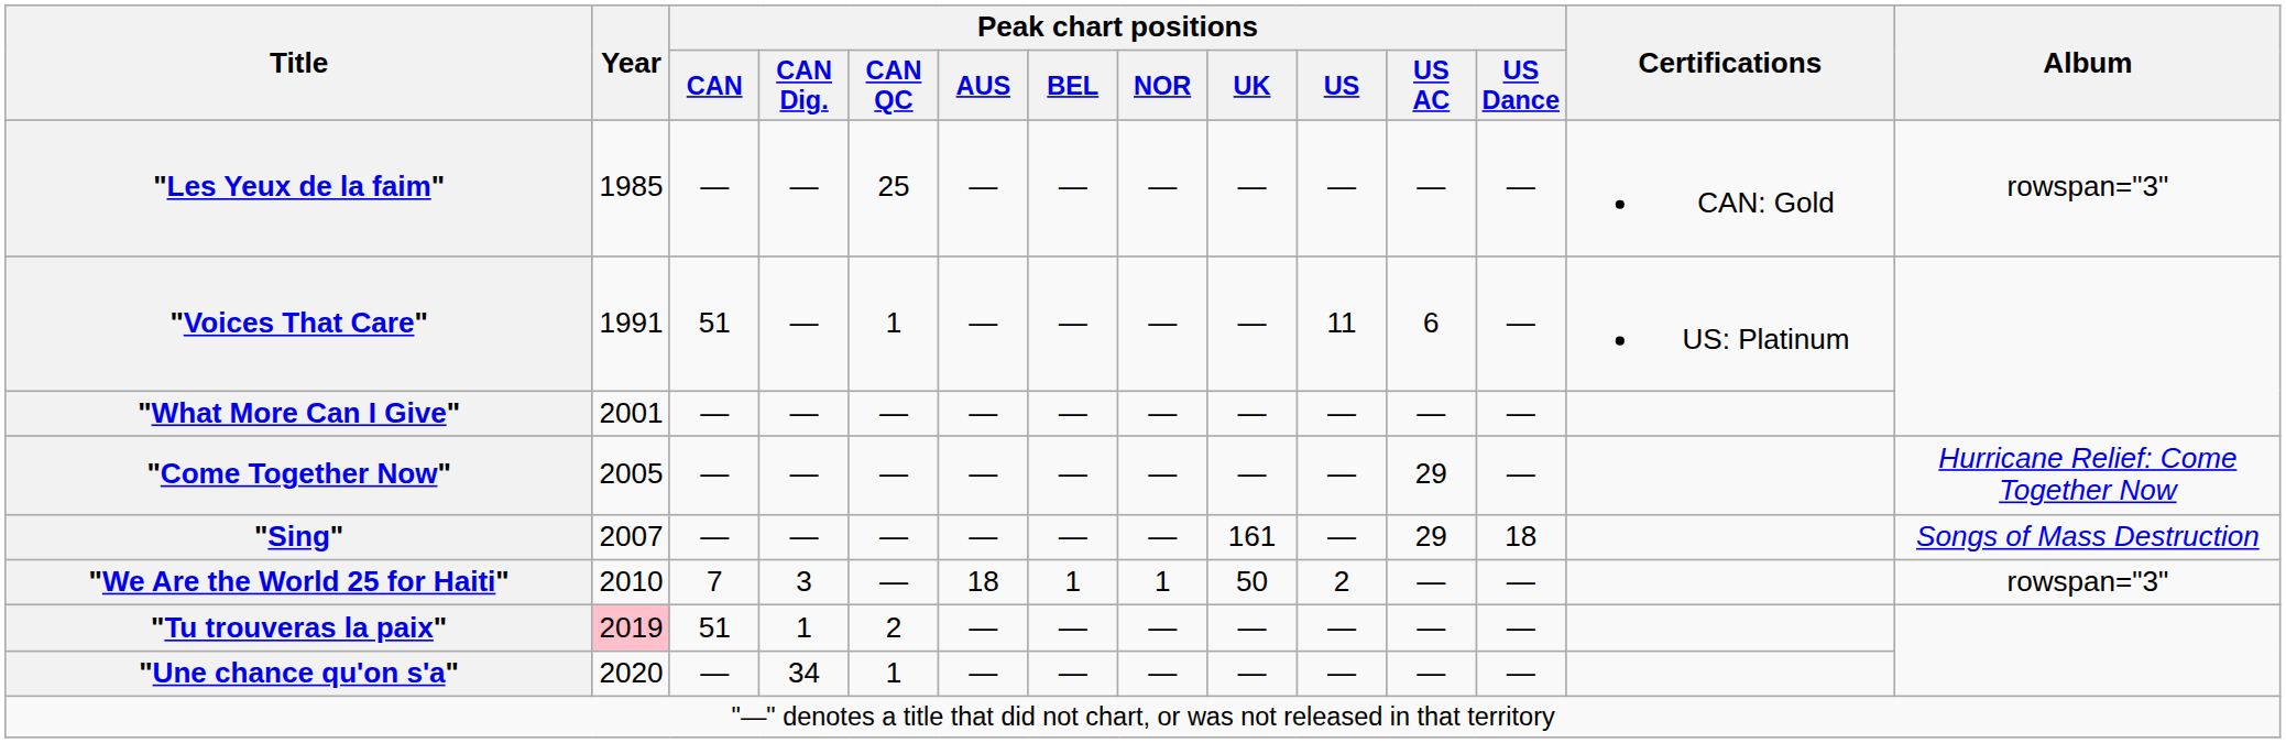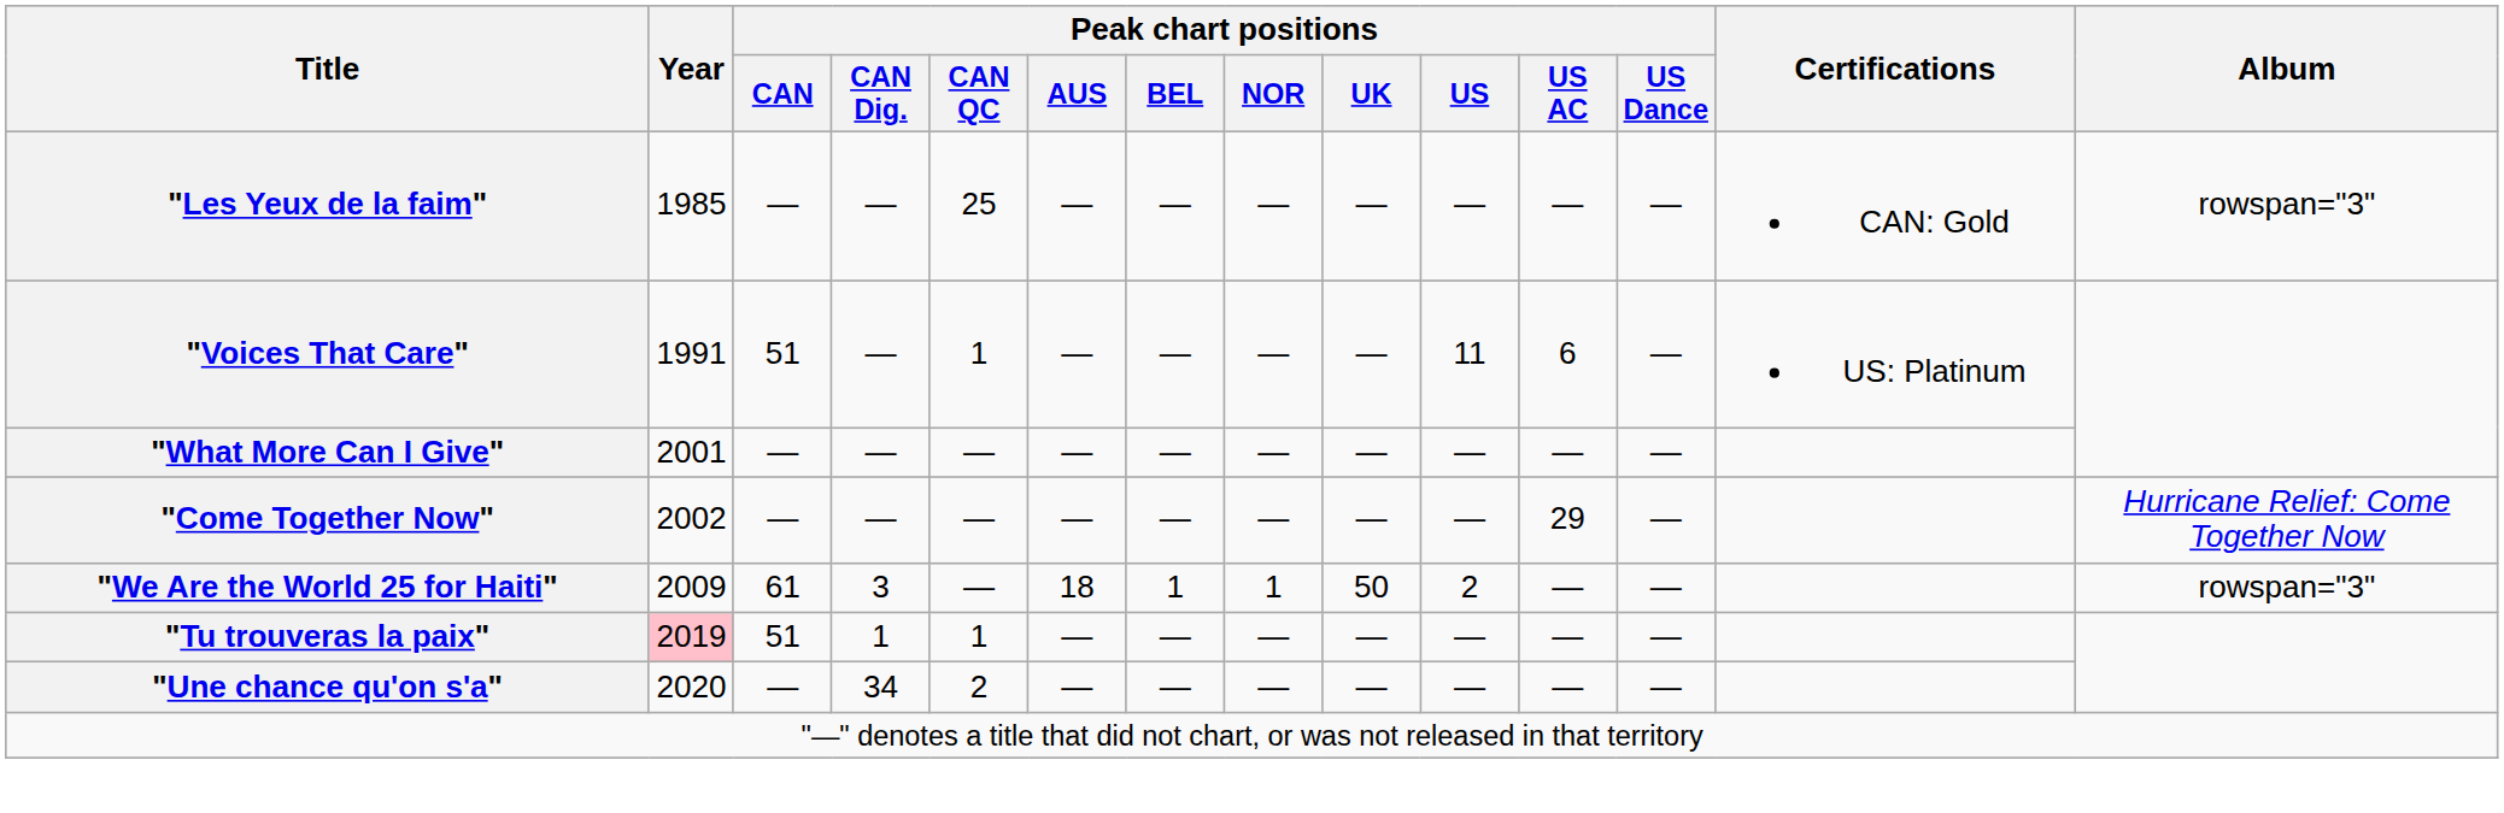 <table class="wikitable plainrowheaders" style="text-align:center;">
 <tr>
 <th rowspan="2" scope="col" style="width:20em;">Title</th>
 <th scope="col" rowspan="2">Year</th>
 <th scope="col" colspan="10">Peak chart positions</th>
 <th scope="col" rowspan="2" style="width:11em;">Certifications</th>
 <th scope="col" rowspan="2" style="width:13em;">Album</th>
 </tr>
 <tr>
 <th scope="col" style="width:3em;font-size:90%;"><a href='#'>CAN</a><br></th>
 <th scope="col" style="width:3em;font-size:90%;"><a href='#'>CAN Dig.</a><br></th>
 <th scope="col" style="width:3em;font-size:90%;"><a href='#'>CAN<br>QC</a><br></th>
 <th scope="col" style="width:3em;font-size:90%;"><a href='#'>AUS</a><br></th>
 <th scope="col" style="width:3em;font-size:90%;"><a href='#'>BEL</a><br></th>
 <th scope="col" style="width:3em;font-size:90%;"><a href='#'>NOR</a><br></th>
 <th scope="col" style="width:3em;font-size:90%;"><a href='#'>UK</a><br></th>
 <th scope="col" style="width:3em;font-size:90%;"><a href='#'>US</a><br></th>
 <th scope="col" style="width:3em;font-size:90%;"><a href='#'>US AC</a><br></th>
 <th scope="col" style="width:3em;font-size:90%;"><a href='#'>US Dance</a><br></th>
 </tr>
 <tr>
 <th scope="row">"<a href='#'>Les Yeux de la faim</a>"</th>
 <td>1985</td>
 <td>—</td>
 <td>—</td>
 <td>25</td>
 <td>—</td>
 <td>—</td>
 <td>—</td>
 <td>—</td>
 <td>—</td>
 <td>—</td>
 <td>—</td>
 <td><br><ul><li>CAN: Gold</li></ul></td>
 <td>rowspan="3" </td>
 </tr>
 <tr>
 <th scope="row">"<a href='#'>Voices That Care</a>"</th>
 <td>1991</td>
 <td>51</td>
 <td>—</td>
 <td>1</td>
 <td>—</td>
 <td>—</td>
 <td>—</td>
 <td>—</td>
 <td>11</td>
 <td>6</td>
 <td>—</td>
 <td><br><ul><li>US: Platinum</li></ul></td>
 </tr>
 <tr>
 <th scope="row">"<a href='#'>What More Can I Give</a>"</th>
 <td>2001</td>
 <td>—</td>
 <td>—</td>
 <td>—</td>
 <td>—</td>
 <td>—</td>
 <td>—</td>
 <td>—</td>
 <td>—</td>
 <td>—</td>
 <td>—</td>
 <td></td>
 </tr>
 <tr>
 <th scope="row">"<a href='#'>Come Together Now</a>"</th>
-<td>2005</td>
+<td>2002</td>
 <td>—</td>
 <td>—</td>
 <td>—</td>
 <td>—</td>
 <td>—</td>
 <td>—</td>
 <td>—</td>
 <td>—</td>
 <td>29</td>
 <td>—</td>
 <td></td>
 <td><em><a href='#'>Hurricane Relief: Come Together Now</a></em></td>
 </tr>
 <tr>
-<th scope="row">"<a href='#'>Sing</a>"</th>
-<td>2007</td>
-<td>—</td>
-<td>—</td>
-<td>—</td>
-<td>—</td>
-<td>—</td>
-<td>—</td>
-<td>161</td>
-<td>—</td>
-<td>29</td>
-<td>18</td>
-<td></td>
-<td><em><a href='#'>Songs of Mass Destruction</a></em></td>
-</tr>
-<tr>
 <th scope="row">"<a href='#'>We Are the World 25 for Haiti</a>"</th>
-<td>2010</td>
-<td>7</td>
+<td>2009</td>
+<td>61</td>
 <td>3</td>
 <td>—</td>
 <td>18</td>
 <td>1</td>
 <td>1</td>
 <td>50</td>
 <td>2</td>
 <td>—</td>
 <td>—</td>
 <td></td>
 <td>rowspan="3" </td>
 </tr>
 <tr>
 <th scope="row">"<a href='#'>Tu trouveras la paix</a>"</th>
 <td style="background: pink;">2019</td>
 <td>51</td>
 <td>1</td>
-<td>2</td>
+<td>1</td>
 <td>—</td>
 <td>—</td>
 <td>—</td>
 <td>—</td>
 <td>—</td>
 <td>—</td>
 <td>—</td>
 <td></td>
 </tr>
 <tr>
 <th scope="row">"<a href='#'>Une chance qu'on s'a</a>"</th>
 <td>2020</td>
 <td>—</td>
 <td>34</td>
-<td>1</td>
+<td>2</td>
 <td>—</td>
 <td>—</td>
 <td>—</td>
 <td>—</td>
 <td>—</td>
 <td>—</td>
 <td>—</td>
 <td></td>
 </tr>
 <tr>
 <td colspan="14" style="font-size:90%">"—" denotes a title that did not chart, or was not released in that territory</td>
 </tr>
 </table>
